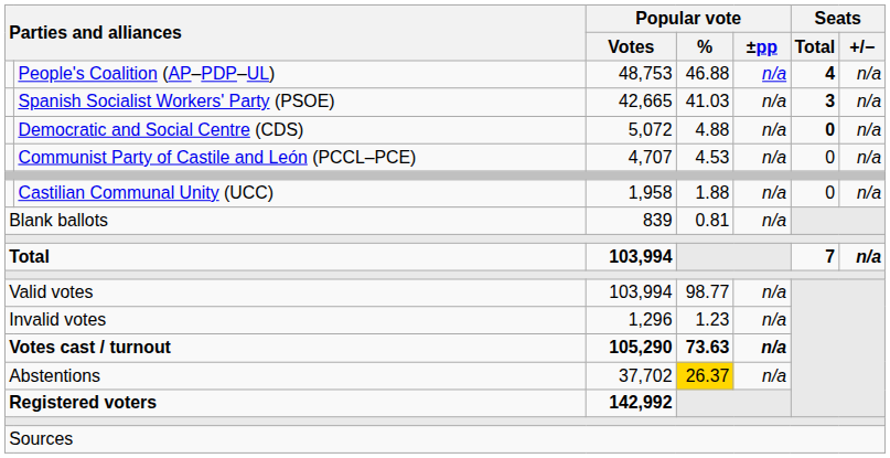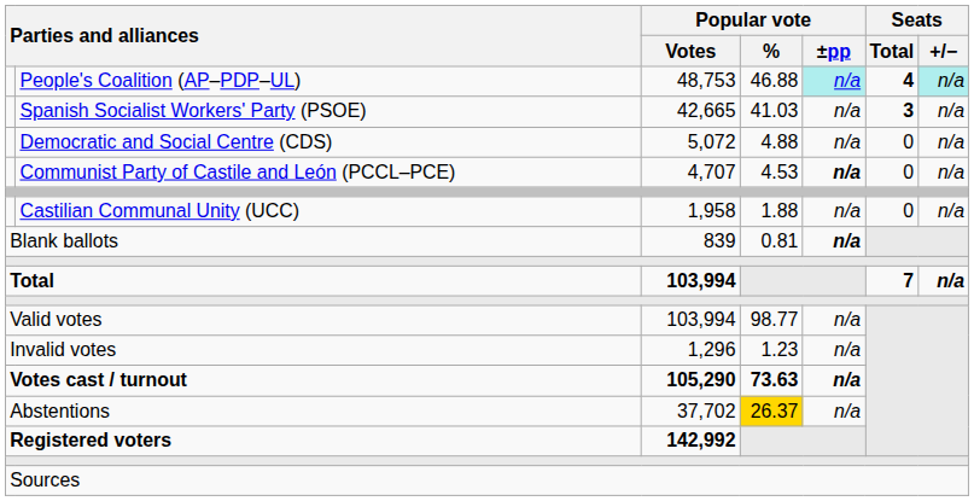 <table class="wikitable" style="text-align:right;">
 <tr>
 <th style="text-align:left;" rowspan="2" colspan="2" width="525">Parties and alliances</th>
 <th colspan="3">Popular vote</th>
 <th colspan="2">Seats</th>
 </tr>
 <tr>
 <th width="75">Votes</th>
 <th width="45">%</th>
 <th width="45">±<a href='#'>pp</a></th>
 <th width="35">Total</th>
 <th width="35">+/−</th>
 </tr>
 <tr>
 <td width="1" style="color:inherit;background:"></td>
 <td align="left"><a href='#'>People's Coalition</a> (<a href='#'>AP</a>–<a href='#'>PDP</a>–<a href='#'>UL</a>)</td>
 <td>48,753</td>
 <td>46.88</td>
-<td><em><a href='#'>n/a</a></em></td>
+<td style="background: paleturquoise;"><em><a href='#'>n/a</a></em></td>
 <td><strong>4</strong></td>
-<td><em>n/a</em></td>
+<td style="background: paleturquoise;"><em>n/a</em></td>
 </tr>
 <tr>
 <td style="color:inherit;background:"></td>
 <td align="left"><a href='#'>Spanish Socialist Workers' Party</a> (PSOE)</td>
 <td>42,665</td>
 <td>41.03</td>
 <td><em>n/a</em></td>
 <td><strong>3</strong></td>
 <td><em>n/a</em></td>
 </tr>
 <tr>
 <td style="color:inherit;background:"></td>
 <td align="left"><a href='#'>Democratic and Social Centre</a> (CDS)</td>
 <td>5,072</td>
 <td>4.88</td>
 <td><em>n/a</em></td>
-<td><strong>0</strong></td>
+<td>0</td>
 <td><em>n/a</em></td>
 </tr>
 <tr>
 <td style="color:inherit;background:"></td>
 <td align="left"><a href='#'>Communist Party of Castile and León</a> (PCCL–PCE)</td>
 <td>4,707</td>
 <td>4.53</td>
-<td><em>n/a</em></td>
+<td><strong><em>n/a</em></strong></td>
 <td>0</td>
 <td><em>n/a</em></td>
 </tr>
 <tr>
 <td colspan="7" bgcolor="#C0C0C0"></td>
 </tr>
 <tr>
 <td style="color:inherit;background:"></td>
 <td align="left"><a href='#'>Castilian Communal Unity</a> (UCC)</td>
 <td>1,958</td>
 <td>1.88</td>
 <td><em>n/a</em></td>
 <td>0</td>
 <td><em>n/a</em></td>
 </tr>
 <tr>
 <td align="left" colspan="2">Blank ballots</td>
 <td>839</td>
 <td>0.81</td>
-<td><em>n/a</em></td>
+<td><strong><em>n/a</em></strong></td>
 <td bgcolor="#E9E9E9" colspan="2"></td>
 </tr>
 <tr>
 <td colspan="7" bgcolor="#E9E9E9"></td>
 </tr>
 <tr style="font-weight:bold;">
 <td align="left" colspan="2">Total</td>
 <td>103,994</td>
 <td bgcolor="#E9E9E9" colspan="2"></td>
 <td>7</td>
 <td><em>n/a</em></td>
 </tr>
 <tr>
 <td colspan="7" bgcolor="#E9E9E9"></td>
 </tr>
 <tr>
 <td align="left" colspan="2">Valid votes</td>
 <td>103,994</td>
 <td>98.77</td>
 <td><em>n/a</em></td>
 <td bgcolor="#E9E9E9" colspan="2" rowspan="5"></td>
 </tr>
 <tr>
 <td align="left" colspan="2">Invalid votes</td>
 <td>1,296</td>
 <td>1.23</td>
 <td><em>n/a</em></td>
 </tr>
 <tr style="font-weight:bold;">
 <td align="left" colspan="2">Votes cast / turnout</td>
 <td>105,290</td>
 <td>73.63</td>
 <td><em>n/a</em></td>
 </tr>
 <tr>
 <td align="left" colspan="2">Abstentions</td>
 <td>37,702</td>
 <td style="background: gold;">26.37</td>
 <td><em>n/a</em></td>
 </tr>
 <tr style="font-weight:bold;">
 <td align="left" colspan="2">Registered voters</td>
 <td>142,992</td>
 <td bgcolor="#E9E9E9" colspan="2"></td>
 </tr>
 <tr>
 <td colspan="7" bgcolor="#E9E9E9"></td>
 </tr>
 <tr>
 <td align="left" colspan="7">Sources</td>
 </tr>
 </table>
